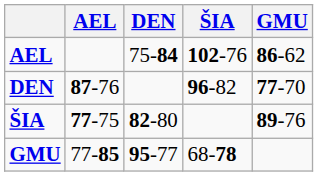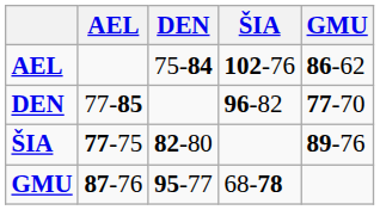 <table class="wikitable">
 <tr>
 <th></th>
 <th> <strong><a href='#'>AEL</a></strong></th>
 <th> <strong><a href='#'>DEN</a></strong></th>
 <th> <strong><a href='#'>ŠIA</a></strong></th>
 <th> <strong><a href='#'>GMU</a></strong></th>
 </tr>
 <tr>
 <td> <strong><a href='#'>AEL</a></strong></td>
 <td></td>
 <td>75-<strong>84</strong></td>
 <td><strong>102</strong>-76</td>
 <td><strong>86</strong>-62</td>
 </tr>
 <tr>
 <td> <strong><a href='#'>DEN</a></strong></td>
-<td><strong>87</strong>-76</td>
+<td>77-<strong>85</strong></td>
 <td></td>
 <td><strong>96</strong>-82</td>
 <td><strong>77</strong>-70</td>
 </tr>
 <tr>
 <td> <strong><a href='#'>ŠIA</a></strong></td>
 <td><strong>77</strong>-75</td>
 <td><strong>82</strong>-80</td>
 <td></td>
 <td><strong>89</strong>-76</td>
 </tr>
 <tr>
 <td> <strong><a href='#'>GMU</a></strong></td>
-<td>77-<strong>85</strong></td>
+<td><strong>87</strong>-76</td>
 <td><strong>95</strong>-77</td>
 <td>68-<strong>78</strong></td>
 <td></td>
 </tr>
 </table>
